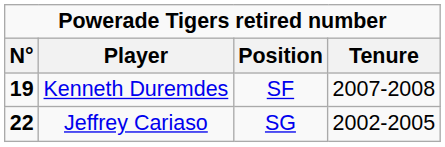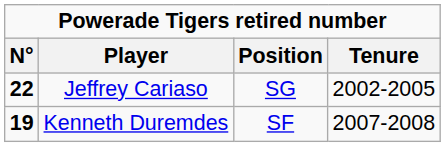 <table class="wikitable" style="text-align:center">
 <tr>
 <td colspan="4"><strong>Powerade Tigers retired number</strong></td>
 </tr>
 <tr>
 <th>N°</th>
 <th>Player</th>
 <th>Position</th>
 <th>Tenure</th>
 </tr>
 <tr>
+<td><strong>22</strong></td>
+<td><a href='#'>Jeffrey Cariaso</a></td>
+<td><a href='#'>SG</a></td>
+<td>2002-2005</td>
+</tr>
+<tr>
 <td><strong>19</strong></td>
 <td><a href='#'>Kenneth Duremdes</a></td>
 <td><a href='#'>SF</a></td>
 <td>2007-2008 </td>
 </tr>
-<tr>
-<td><strong>22</strong></td>
-<td><a href='#'>Jeffrey Cariaso</a></td>
-<td><a href='#'>SG</a></td>
-<td>2002-2005</td>
-</tr>
 </table>
